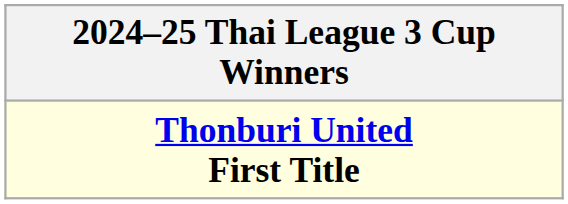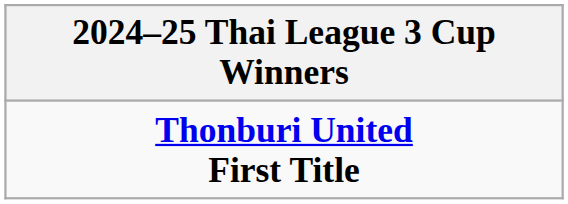 <table class="wikitable" style="text-align: center; margin: 0 auto; width: 20%">
 <tr>
 <th>2024–25 Thai League 3 Cup<br>Winners</th>
 </tr>
 <tr>
-<td align="center" style="background: lightyellow;"><strong><a href='#'>Thonburi United</a></strong><br><strong>First Title</strong></td>
+<td align="center"><strong><a href='#'>Thonburi United</a></strong><br><strong>First Title</strong></td>
 </tr>
 </table>
